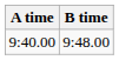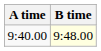 <table class="wikitable" border="1" align="upright">
 <tr>
 <th>A time</th>
 <th>B time</th>
 </tr>
 <tr>
 <td>9:40.00</td>
-<td>9:48.00</td>
+<td style="background: lightyellow;">9:48.00</td>
 </tr>
 </table>
